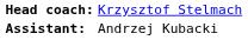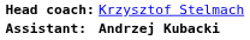 <table>
 <tr>
 <td><strong>Head coach:</strong></td>
 <td> <a href='#'>Krzysztof Stelmach</a></td>
 </tr>
 <tr>
 <td><strong>Assistant:</strong></td>
-<td> Andrzej Kubacki</td>
+<td><strong> Andrzej Kubacki</strong></td>
 </tr>
 <tr>
 </tr>
 </table>
